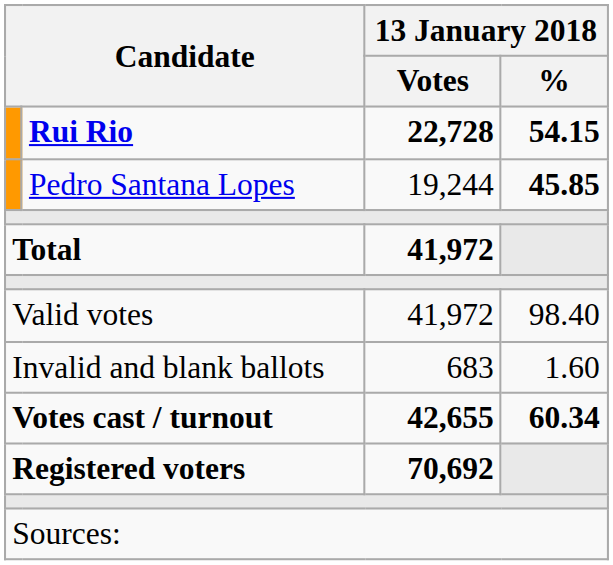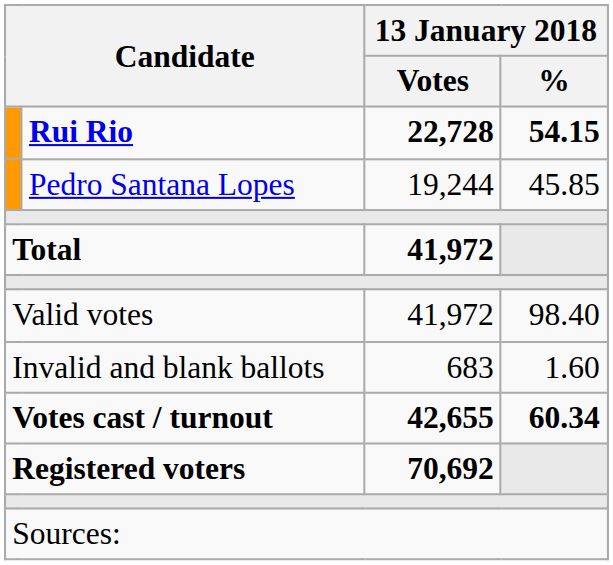 <table class="wikitable" style="text-align:right; font-size:97%;">
 <tr>
 <th rowspan="2" colspan="2" width="170">Candidate</th>
 <th colspan="2">13 January 2018</th>
 </tr>
 <tr>
 <th width="60">Votes</th>
 <th width="45">%</th>
 </tr>
 <tr>
 <td width="1" style="color:inherit;background:#FF9900"></td>
 <td align="left"><strong><a href='#'>Rui Rio</a></strong></td>
 <td><strong>22,728</strong></td>
 <td><strong>54.15</strong></td>
 </tr>
 <tr>
 <td style="color:inherit;background:#FF9900"></td>
 <td align="left"><a href='#'>Pedro Santana Lopes</a></td>
 <td>19,244</td>
-<td><strong>45.85</strong></td>
+<td>45.85</td>
 </tr>
 <tr>
 <td colspan="4" bgcolor="#E9E9E9"></td>
 </tr>
 <tr style="font-weight:bold;">
 <td align="left" colspan="2">Total</td>
 <td>41,972</td>
 <td bgcolor="#E9E9E9"></td>
 </tr>
 <tr>
 <td colspan="4" bgcolor="#E9E9E9"></td>
 </tr>
 <tr>
 <td align="left" colspan="2">Valid votes</td>
 <td>41,972</td>
 <td>98.40</td>
 </tr>
 <tr>
 <td align="left" colspan="2">Invalid and blank ballots</td>
 <td>683</td>
 <td>1.60</td>
 </tr>
 <tr style="font-weight:bold;">
 <td align="left" colspan="2">Votes cast / turnout</td>
 <td>42,655</td>
 <td>60.34</td>
 </tr>
 <tr style="font-weight:bold;">
 <td align="left" colspan="2">Registered voters</td>
 <td>70,692</td>
 <td bgcolor="#E9E9E9"></td>
 </tr>
 <tr>
 <td colspan="4" bgcolor="#E9E9E9"></td>
 </tr>
 <tr>
 <td align="left" colspan="6">Sources: </td>
 </tr>
 </table>
